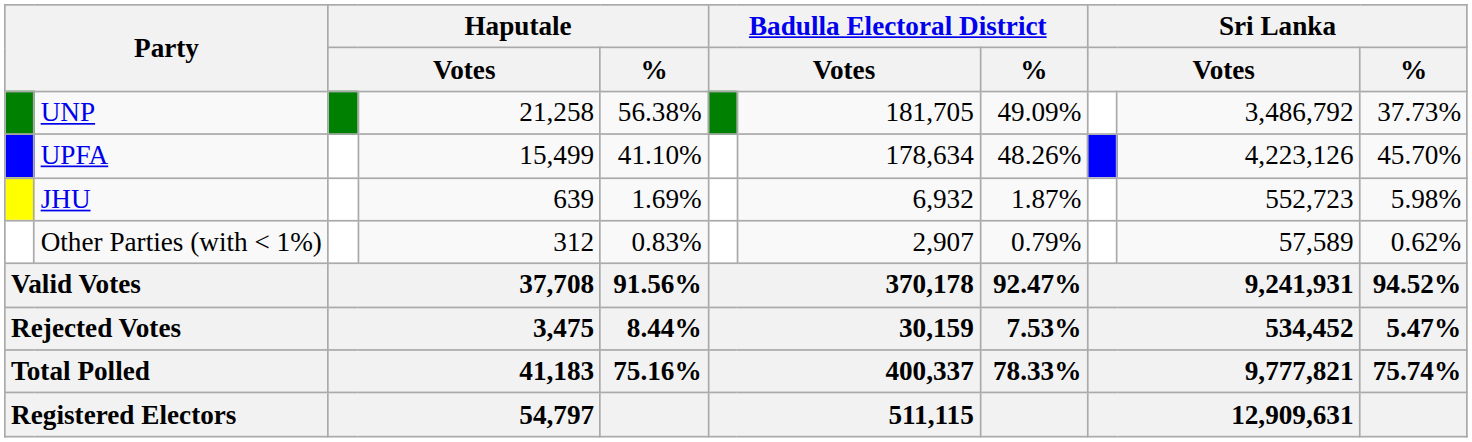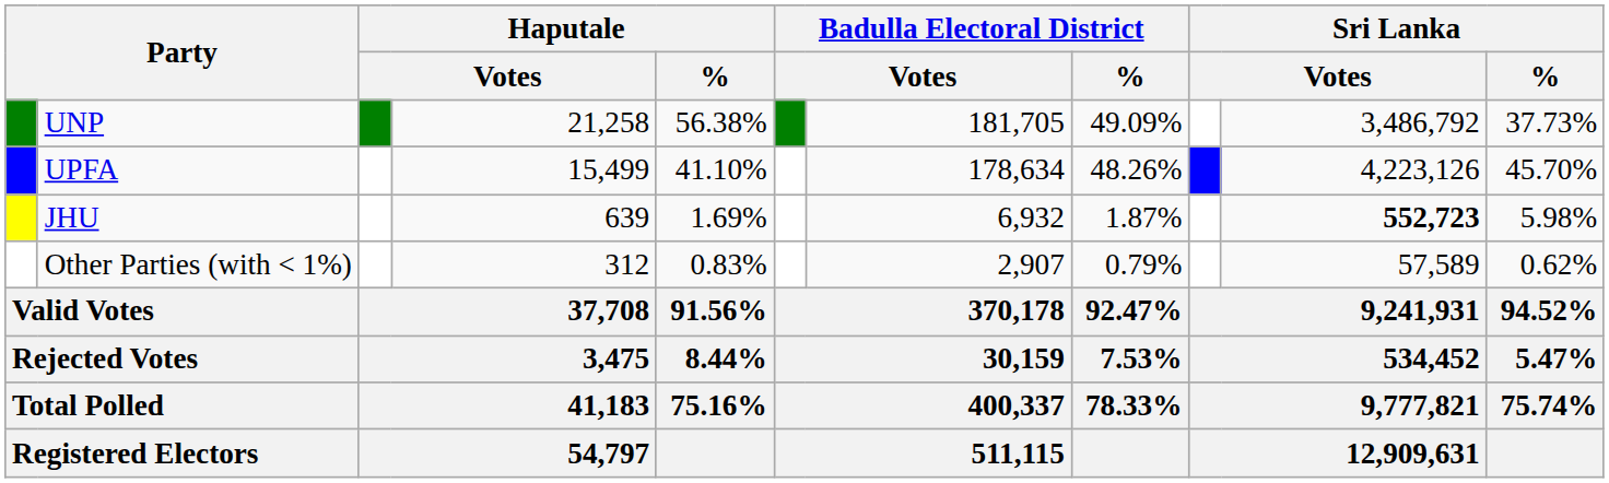 <table class="wikitable">
 <tr>
 <th colspan="2" width="144px"rowspan="2">Party</th>
 <th colspan="3" width="216px">Haputale</th>
 <th colspan="3" width="216px"><a href='#'>Badulla Electoral District</a></th>
 <th colspan="3" width="216px">Sri Lanka</th>
 </tr>
 <tr>
 <th colspan="2" width="144px">Votes</th>
 <th>%</th>
 <th colspan="2" width="144px">Votes</th>
 <th>%</th>
 <th colspan="2" width="144px">Votes</th>
 <th>%</th>
 </tr>
 <tr>
 <td style="background-color:green;" width="10px"></td>
 <td style="text-align:left;"><a href='#'>UNP</a></td>
 <td style="background-color:green;" width="10px"></td>
 <td style="text-align:right;">21,258</td>
 <td style="text-align:right;">56.38%</td>
 <td style="background-color:green;" width="10px"></td>
 <td style="text-align:right;">181,705</td>
 <td style="text-align:right;">49.09%</td>
 <td style="background-color:white;" width="10px"></td>
 <td style="text-align:right;">3,486,792</td>
 <td style="text-align:right;">37.73%</td>
 </tr>
 <tr>
 <td style="background-color:blue;" width="10px"></td>
 <td style="text-align:left;"><a href='#'>UPFA</a></td>
 <td style="background-color:white;" width="10px"></td>
 <td style="text-align:right;">15,499</td>
 <td style="text-align:right;">41.10%</td>
 <td style="background-color:white;" width="10px"></td>
 <td style="text-align:right;">178,634</td>
 <td style="text-align:right;">48.26%</td>
 <td style="background-color:blue;" width="10px"></td>
 <td style="text-align:right;">4,223,126</td>
 <td style="text-align:right;">45.70%</td>
 </tr>
 <tr>
 <td style="background-color:yellow;" width="10px"></td>
 <td style="text-align:left;"><a href='#'>JHU</a></td>
 <td style="background-color:white;" width="10px"></td>
 <td style="text-align:right;">639</td>
 <td style="text-align:right;">1.69%</td>
 <td style="background-color:white;" width="10px"></td>
 <td style="text-align:right;">6,932</td>
 <td style="text-align:right;">1.87%</td>
 <td style="background-color:white;" width="10px"></td>
-<td style="text-align:right;">552,723</td>
+<td style="text-align:right;"><strong>552,723</strong></td>
 <td style="text-align:right;">5.98%</td>
 </tr>
 <tr>
 <td style="background-color:white;" width="10px"></td>
 <td style="text-align:left;">Other Parties (with < 1%)</td>
 <td style="background-color:white;" width="10px"></td>
 <td style="text-align:right;">312</td>
 <td style="text-align:right;">0.83%</td>
 <td style="background-color:white;" width="10px"></td>
 <td style="text-align:right;">2,907</td>
 <td style="text-align:right;">0.79%</td>
 <td style="background-color:white;" width="10px"></td>
 <td style="text-align:right;">57,589</td>
 <td style="text-align:right;">0.62%</td>
 </tr>
 <tr>
 <th colspan="2" width="144px"style="text-align:left;">Valid Votes</th>
 <th style="text-align:right;"colspan="2" width="144px">37,708</th>
 <th style="text-align:right;">91.56%</th>
 <th style="text-align:right;"colspan="2" width="144px">370,178</th>
 <th style="text-align:right;">92.47%</th>
 <th style="text-align:right;"colspan="2" width="144px">9,241,931</th>
 <th style="text-align:right;">94.52%</th>
 </tr>
 <tr>
 <th colspan="2" width="144px"style="text-align:left;">Rejected Votes</th>
 <th style="text-align:right;"colspan="2" width="144px">3,475</th>
 <th style="text-align:right;">8.44%</th>
 <th style="text-align:right;"colspan="2" width="144px">30,159</th>
 <th style="text-align:right;">7.53%</th>
 <th style="text-align:right;"colspan="2" width="144px">534,452</th>
 <th style="text-align:right;">5.47%</th>
 </tr>
 <tr>
 <th colspan="2" width="144px"style="text-align:left;">Total Polled</th>
 <th style="text-align:right;"colspan="2" width="144px">41,183</th>
 <th style="text-align:right;">75.16%</th>
 <th style="text-align:right;"colspan="2" width="144px">400,337</th>
 <th style="text-align:right;">78.33%</th>
 <th style="text-align:right;"colspan="2" width="144px">9,777,821</th>
 <th style="text-align:right;">75.74%</th>
 </tr>
 <tr>
 <th colspan="2" width="144px"style="text-align:left;">Registered Electors</th>
 <th style="text-align:right;"colspan="2" width="144px">54,797</th>
 <th></th>
 <th style="text-align:right;"colspan="2" width="144px">511,115</th>
 <th></th>
 <th style="text-align:right;"colspan="2" width="144px">12,909,631</th>
 <th></th>
 </tr>
 </table>
